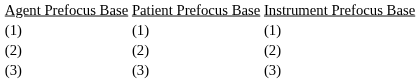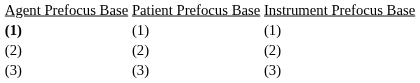 <table>
 <tr>
 <td colspan=2><u>Agent Prefocus Base</u></td>
 <td colspan=2><u>Patient Prefocus Base</u></td>
 <td colspan=2><u>Instrument Prefocus Base</u></td>
 </tr>
 <tr>
-<td style="vertical-align:top;">(1)</td>
+<td style="vertical-align:top;"><strong>(1)</strong></td>
 <td></td>
 <td style="vertical-align:top;">(1)</td>
 <td></td>
 <td style="vertical-align:top;">(1)</td>
 <td></td>
 </tr>
 <tr>
 <td style="vertical-align:top;">(2)</td>
 <td></td>
 <td style="vertical-align:top;">(2)</td>
 <td></td>
 <td style="vertical-align:top;">(2)</td>
 <td></td>
 </tr>
 <tr>
 <td style="vertical-align:top;">(3)</td>
 <td></td>
 <td style="vertical-align:top;">(3)</td>
 <td></td>
 <td style="vertical-align:top;">(3)</td>
 <td></td>
 </tr>
 </table>
